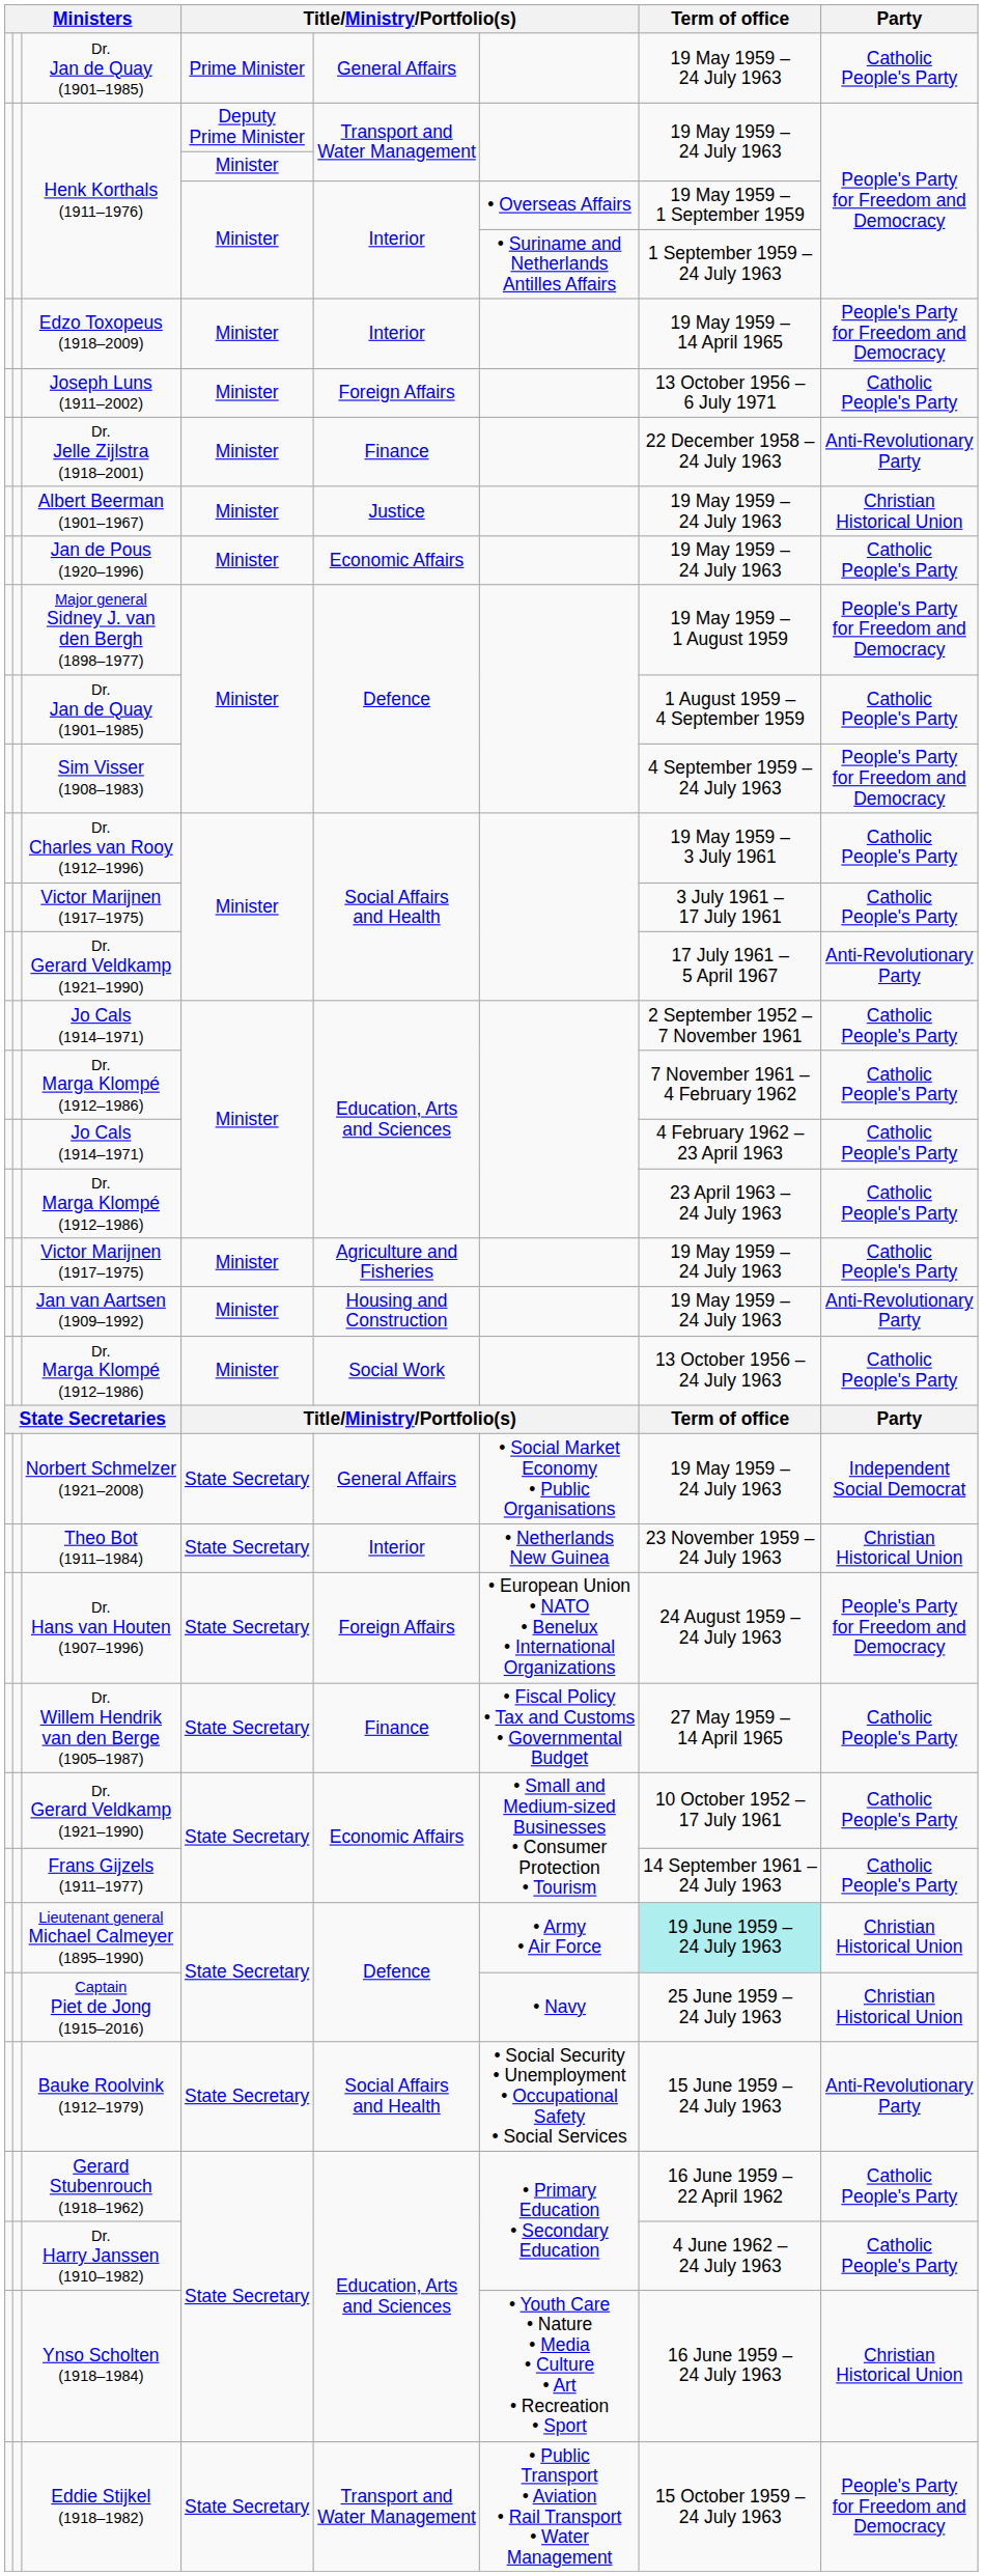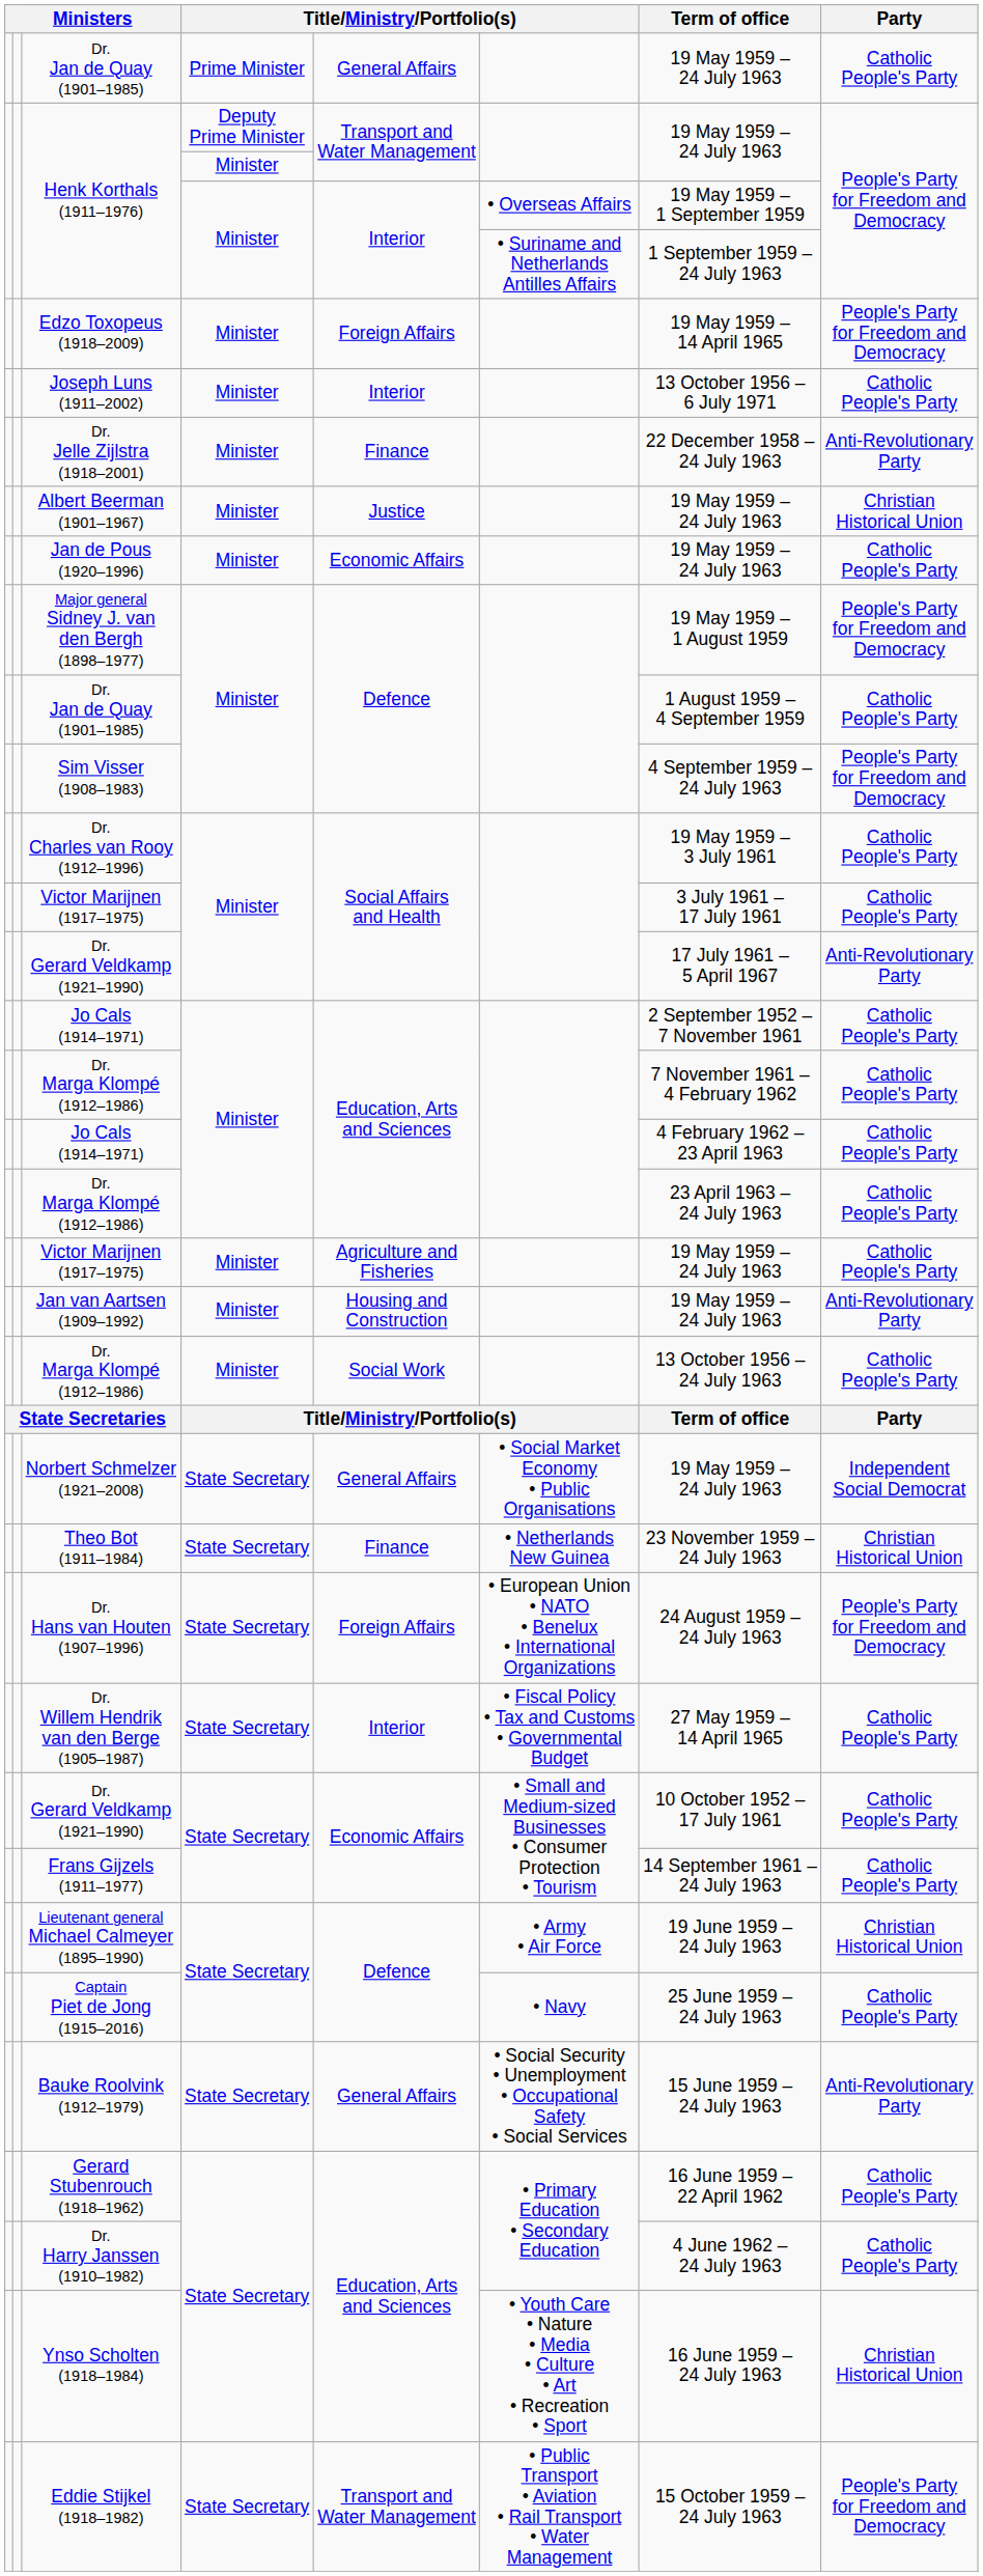 <table class="wikitable" style="text-align:center">
 <tr>
 <th colspan=3><a href='#'>Ministers</a></th>
 <th colspan=3>Title/<a href='#'>Ministry</a>/Portfolio(s)</th>
 <th>Term of office</th>
 <th>Party</th>
 </tr>
 <tr>
 <td style="background:"></td>
 <td></td>
 <td><small>Dr.</small> <br> <a href='#'>Jan de Quay</a> <br> <small>(1901–1985)</small></td>
 <td><a href='#'>Prime Minister</a></td>
 <td><a href='#'>General Affairs</a></td>
 <td></td>
 <td>19 May 1959 – <br> 24 July 1963</td>
 <td><a href='#'>Catholic <br> People's Party</a></td>
 </tr>
 <tr>
 <td rowspan=4 style="background:"></td>
 <td rowspan=4></td>
 <td rowspan=4><a href='#'>Henk Korthals</a> <br> <small>(1911–1976)</small></td>
 <td><a href='#'>Deputy <br> Prime Minister</a></td>
 <td rowspan=2><a href='#'>Transport and <br> Water Management</a></td>
 <td rowspan=2></td>
 <td rowspan=2>19 May 1959 – <br> 24 July 1963</td>
 <td rowspan=4><a href='#'>People's Party <br> for Freedom and <br> Democracy</a></td>
 </tr>
 <tr>
 <td><a href='#'>Minister</a></td>
 </tr>
 <tr>
 <td rowspan=2><a href='#'>Minister</a></td>
 <td rowspan=2><a href='#'>Interior</a></td>
 <td>• <a href='#'>Overseas Affairs</a></td>
 <td>19 May 1959 – <br> 1 September 1959</td>
 </tr>
 <tr>
 <td>• <a href='#'>Suriname and <br> Netherlands <br> Antilles Affairs</a></td>
 <td>1 September 1959 – <br> 24 July 1963</td>
 </tr>
 <tr>
 <td style="background:"></td>
 <td></td>
 <td><a href='#'>Edzo Toxopeus</a> <br> <small>(1918–2009)</small></td>
 <td><a href='#'>Minister</a></td>
-<td><a href='#'>Interior</a></td>
+<td><a href='#'>Foreign Affairs</a></td>
 <td></td>
 <td>19 May 1959 – <br> 14 April 1965 <br> </td>
 <td><a href='#'>People's Party <br> for Freedom and <br> Democracy</a></td>
 </tr>
 <tr>
 <td style="background:"></td>
 <td></td>
 <td><a href='#'>Joseph Luns</a> <br> <small>(1911–2002)</small></td>
 <td><a href='#'>Minister</a></td>
-<td><a href='#'>Foreign Affairs</a></td>
+<td><a href='#'>Interior</a></td>
 <td></td>
 <td>13 October 1956 – <br> 6 July 1971 <br>  </td>
 <td><a href='#'>Catholic <br> People's Party</a></td>
 </tr>
 <tr>
 <td style="background:"></td>
 <td></td>
 <td><small>Dr.</small> <br> <a href='#'>Jelle Zijlstra</a> <br> <small>(1918–2001)</small></td>
 <td><a href='#'>Minister</a></td>
 <td><a href='#'>Finance</a></td>
 <td></td>
 <td>22 December 1958 – <br> 24 July 1963 <br> </td>
 <td><a href='#'>Anti-Revolutionary <br> Party</a></td>
 </tr>
 <tr>
 <td style="background:"></td>
 <td></td>
 <td><a href='#'>Albert Beerman</a> <br> <small>(1901–1967)</small></td>
 <td><a href='#'>Minister</a></td>
 <td><a href='#'>Justice</a></td>
 <td></td>
 <td>19 May 1959 – <br> 24 July 1963</td>
 <td><a href='#'>Christian <br> Historical Union</a></td>
 </tr>
 <tr>
 <td style="background:"></td>
 <td></td>
 <td><a href='#'>Jan de Pous</a> <br> <small>(1920–1996)</small></td>
 <td><a href='#'>Minister</a></td>
 <td><a href='#'>Economic Affairs</a></td>
 <td></td>
 <td>19 May 1959 – <br> 24 July 1963</td>
 <td><a href='#'>Catholic <br> People's Party</a></td>
 </tr>
 <tr>
 <td style="background:"></td>
 <td></td>
 <td><small><a href='#'>Major general</a></small> <br> <a href='#'>Sidney J. van <br> den Bergh</a> <br> <small>(1898–1977)</small></td>
 <td rowspan=3><a href='#'>Minister</a></td>
 <td rowspan=3><a href='#'>Defence</a></td>
 <td rowspan=3></td>
 <td>19 May 1959 – <br> 1 August 1959 <br> </td>
 <td><a href='#'>People's Party <br> for Freedom and <br> Democracy</a></td>
 </tr>
 <tr>
 <td style="background:"></td>
 <td></td>
 <td><small>Dr.</small> <br> <a href='#'>Jan de Quay</a> <br> <small>(1901–1985)</small></td>
 <td>1 August 1959 – <br> 4 September 1959 <br> </td>
 <td><a href='#'>Catholic <br> People's Party</a></td>
 </tr>
 <tr>
 <td style="background:"></td>
 <td></td>
 <td><a href='#'>Sim Visser</a> <br> <small>(1908–1983)</small></td>
 <td>4 September 1959 – <br> 24 July 1963</td>
 <td><a href='#'>People's Party <br> for Freedom and <br> Democracy</a></td>
 </tr>
 <tr>
 <td style="background:"></td>
 <td></td>
 <td><small>Dr.</small> <br> <a href='#'>Charles van Rooy</a> <br> <small>(1912–1996)</small></td>
 <td rowspan=3><a href='#'>Minister</a></td>
 <td rowspan=3><a href='#'>Social Affairs</a> <br> <a href='#'>and Health</a></td>
 <td rowspan=3></td>
 <td>19 May 1959 – <br> 3 July 1961 <br> </td>
 <td><a href='#'>Catholic <br> People's Party</a></td>
 </tr>
 <tr>
 <td style="background:"></td>
 <td></td>
 <td><a href='#'>Victor Marijnen</a> <br> <small>(1917–1975)</small></td>
 <td>3 July 1961 – <br> 17 July 1961 <br> </td>
 <td><a href='#'>Catholic <br> People's Party</a></td>
 </tr>
 <tr>
 <td style="background:"></td>
 <td></td>
 <td><small>Dr.</small> <br> <a href='#'>Gerard Veldkamp</a> <br> <small>(1921–1990)</small></td>
 <td>17 July 1961 – <br> 5 April 1967 <br> </td>
 <td><a href='#'>Anti-Revolutionary <br> Party</a></td>
 </tr>
 <tr>
 <td style="background:"></td>
 <td></td>
 <td><a href='#'>Jo Cals</a> <br> <small>(1914–1971)</small></td>
 <td rowspan=4><a href='#'>Minister</a></td>
 <td rowspan=4><a href='#'>Education, Arts <br> and Sciences</a></td>
 <td rowspan=4></td>
 <td>2 September 1952 – <br> 7 November 1961 <br>  </td>
 <td><a href='#'>Catholic <br> People's Party</a></td>
 </tr>
 <tr>
 <td style="background:"></td>
 <td></td>
 <td><small>Dr.</small> <br> <a href='#'>Marga Klompé</a> <br> <small>(1912–1986)</small></td>
 <td>7 November 1961 – <br> 4 February 1962 <br> </td>
 <td><a href='#'>Catholic <br> People's Party</a></td>
 </tr>
 <tr>
 <td style="background:"></td>
 <td></td>
 <td><a href='#'>Jo Cals</a> <br> <small>(1914–1971)</small></td>
 <td>4 February 1962 – <br> 23 April 1963 <br> </td>
 <td><a href='#'>Catholic <br> People's Party</a></td>
 </tr>
 <tr>
 <td style="background:"></td>
 <td></td>
 <td><small>Dr.</small> <br> <a href='#'>Marga Klompé</a> <br> <small>(1912–1986)</small></td>
 <td>23 April 1963 – <br> 24 July 1963 <br> </td>
 <td><a href='#'>Catholic <br> People's Party</a></td>
 </tr>
 <tr>
 <td style="background:"></td>
 <td></td>
 <td><a href='#'>Victor Marijnen</a> <br> <small>(1917–1975)</small></td>
 <td><a href='#'>Minister</a></td>
 <td><a href='#'>Agriculture and <br> Fisheries</a></td>
 <td></td>
 <td>19 May 1959 – <br> 24 July 1963</td>
 <td><a href='#'>Catholic <br> People's Party</a></td>
 </tr>
 <tr>
 <td style="background:"></td>
 <td></td>
 <td><a href='#'>Jan van Aartsen</a> <br> <small>(1909–1992)</small></td>
 <td><a href='#'>Minister</a></td>
 <td><a href='#'>Housing and <br> Construction</a></td>
 <td></td>
 <td>19 May 1959 – <br> 24 July 1963</td>
 <td><a href='#'>Anti-Revolutionary <br> Party</a></td>
 </tr>
 <tr>
 <td style="background:"></td>
 <td></td>
 <td><small>Dr.</small> <br> <a href='#'>Marga Klompé</a> <br> <small>(1912–1986)</small></td>
 <td><a href='#'>Minister</a></td>
 <td><a href='#'>Social Work</a></td>
 <td></td>
 <td>13 October 1956 – <br> 24 July 1963 <br> </td>
 <td><a href='#'>Catholic <br> People's Party</a></td>
 </tr>
 <tr>
 <th colspan=3><a href='#'>State Secretaries</a></th>
 <th colspan=3>Title/<a href='#'>Ministry</a>/Portfolio(s)</th>
 <th>Term of office</th>
 <th>Party</th>
 </tr>
 <tr>
 <td style="background:"></td>
 <td></td>
 <td><a href='#'>Norbert Schmelzer</a> <br> <small>(1921–2008)</small></td>
 <td><a href='#'>State Secretary</a></td>
 <td><a href='#'>General Affairs</a></td>
 <td>• <a href='#'>Social Market <br> Economy</a> <br> • <a href='#'>Public <br> Organisations</a></td>
 <td>19 May 1959 – <br> 24 July 1963</td>
 <td><a href='#'>Independent</a> <br> <a href='#'>Social Democrat</a></td>
 </tr>
 <tr>
 <td style="background:"></td>
 <td></td>
 <td><a href='#'>Theo Bot</a> <br> <small>(1911–1984)</small></td>
 <td><a href='#'>State Secretary</a></td>
-<td><a href='#'>Interior</a></td>
+<td><a href='#'>Finance</a></td>
 <td>• <a href='#'>Netherlands <br> New Guinea</a></td>
 <td>23 November 1959 – <br> 24 July 1963</td>
 <td><a href='#'>Christian <br> Historical Union</a></td>
 </tr>
 <tr>
 <td style="background:"></td>
 <td></td>
 <td><small>Dr.</small> <br> <a href='#'>Hans van Houten</a> <br> <small>(1907–1996)</small></td>
 <td><a href='#'>State Secretary</a></td>
 <td><a href='#'>Foreign Affairs</a></td>
 <td>• European Union <br> • <a href='#'>NATO</a> <br> • <a href='#'>Benelux</a> <br> • <a href='#'>International <br> Organizations</a></td>
 <td>24 August 1959 – <br> 24 July 1963</td>
 <td><a href='#'>People's Party <br> for Freedom and <br> Democracy</a></td>
 </tr>
 <tr>
 <td style="background:"></td>
 <td></td>
 <td><small>Dr.</small> <br> <a href='#'>Willem Hendrik <br> van den Berge</a> <br> <small>(1905–1987)</small></td>
 <td><a href='#'>State Secretary</a></td>
-<td><a href='#'>Finance</a></td>
+<td><a href='#'>Interior</a></td>
 <td>• <a href='#'>Fiscal Policy</a> <br> • <a href='#'>Tax and Customs</a> <br> • <a href='#'>Governmental <br> Budget</a></td>
 <td>27 May 1959 – <br> 14 April 1965</td>
 <td><a href='#'>Catholic <br> People's Party</a></td>
 </tr>
 <tr>
 <td style="background:"></td>
 <td></td>
 <td><small>Dr.</small> <br> <a href='#'>Gerard Veldkamp</a> <br> <small>(1921–1990)</small></td>
 <td rowspan=2><a href='#'>State Secretary</a></td>
 <td rowspan=2><a href='#'>Economic Affairs</a></td>
 <td rowspan=2>• <a href='#'>Small and <br> Medium-sized <br> Businesses</a> <br> • Consumer <br> Protection <br> • <a href='#'>Tourism</a></td>
 <td>10 October 1952 – <br> 17 July 1961 <br>  </td>
 <td><a href='#'>Catholic <br> People's Party</a></td>
 </tr>
 <tr>
 <td style="background:"></td>
 <td></td>
 <td><a href='#'>Frans Gijzels</a> <br> <small>(1911–1977)</small></td>
 <td>14 September 1961 – <br> 24 July 1963</td>
 <td><a href='#'>Catholic <br> People's Party</a></td>
 </tr>
 <tr>
 <td style="background:"></td>
 <td></td>
 <td><small><a href='#'>Lieutenant general</a></small> <br> <a href='#'>Michael Calmeyer</a> <br> <small>(1895–1990)</small></td>
 <td rowspan=2><a href='#'>State Secretary</a></td>
 <td rowspan=2><a href='#'>Defence</a></td>
 <td>• <a href='#'>Army</a> <br> • <a href='#'>Air Force</a></td>
-<td style="background: paleturquoise;">19 June 1959 – <br> 24 July 1963</td>
+<td>19 June 1959 – <br> 24 July 1963</td>
 <td><a href='#'>Christian <br> Historical Union</a></td>
 </tr>
 <tr>
 <td style="background:"></td>
 <td></td>
 <td><small><a href='#'>Captain</a></small> <br> <a href='#'>Piet de Jong</a> <br> <small>(1915–2016)</small></td>
 <td>• <a href='#'>Navy</a></td>
 <td>25 June 1959 – <br> 24 July 1963</td>
-<td><a href='#'>Christian <br> Historical Union</a></td>
+<td><a href='#'>Catholic <br> People's Party</a></td>
 </tr>
 <tr>
 <td style="background:"></td>
 <td></td>
 <td><a href='#'>Bauke Roolvink</a> <br> <small>(1912–1979)</small></td>
 <td><a href='#'>State Secretary</a></td>
-<td><a href='#'>Social Affairs</a> <br> <a href='#'>and Health</a></td>
+<td><a href='#'>General Affairs</a></td>
 <td>• Social Security <br> • Unemployment <br> • <a href='#'>Occupational <br> Safety</a> <br> • Social Services</td>
 <td>15 June 1959 – <br> 24 July 1963</td>
 <td><a href='#'>Anti-Revolutionary <br> Party</a></td>
 </tr>
 <tr>
 <td style="background:"></td>
 <td></td>
 <td><a href='#'>Gerard <br> Stubenrouch</a> <br> <small>(1918–1962)</small></td>
 <td rowspan=3><a href='#'>State Secretary</a></td>
 <td rowspan=3><a href='#'>Education, Arts <br> and Sciences</a></td>
 <td rowspan=2>• <a href='#'>Primary <br> Education</a> <br> • <a href='#'>Secondary <br> Education</a></td>
 <td>16 June 1959 – <br> 22 April 1962 <br> </td>
 <td><a href='#'>Catholic <br> People's Party</a></td>
 </tr>
 <tr>
 <td style="background:"></td>
 <td></td>
 <td><small>Dr.</small> <br> <a href='#'>Harry Janssen</a> <br> <small>(1910–1982)</small></td>
 <td>4 June 1962 – <br> 24 July 1963</td>
 <td><a href='#'>Catholic <br> People's Party</a></td>
 </tr>
 <tr>
 <td style="background:"></td>
 <td></td>
 <td><a href='#'>Ynso Scholten</a> <br> <small>(1918–1984)</small></td>
 <td>• <a href='#'>Youth Care</a> <br> • Nature <br> • <a href='#'>Media</a> <br> • <a href='#'>Culture</a> <br> • <a href='#'>Art</a> <br> • Recreation <br> • <a href='#'>Sport</a></td>
 <td>16 June 1959 – <br> 24 July 1963</td>
 <td><a href='#'>Christian <br> Historical Union</a></td>
 </tr>
 <tr>
 <td style="background:"></td>
 <td></td>
 <td><a href='#'>Eddie Stijkel</a> <br> <small>(1918–1982)</small></td>
 <td><a href='#'>State Secretary</a></td>
 <td><a href='#'>Transport and <br> Water Management</a></td>
 <td>• <a href='#'>Public <br> Transport</a> <br> • <a href='#'>Aviation</a> <br> • <a href='#'>Rail Transport</a> <br> • <a href='#'>Water <br> Management</a></td>
 <td>15 October 1959 – <br> 24 July 1963</td>
 <td><a href='#'>People's Party <br> for Freedom and <br> Democracy</a></td>
 </tr>
 <tr>
 </tr>
 </table>
